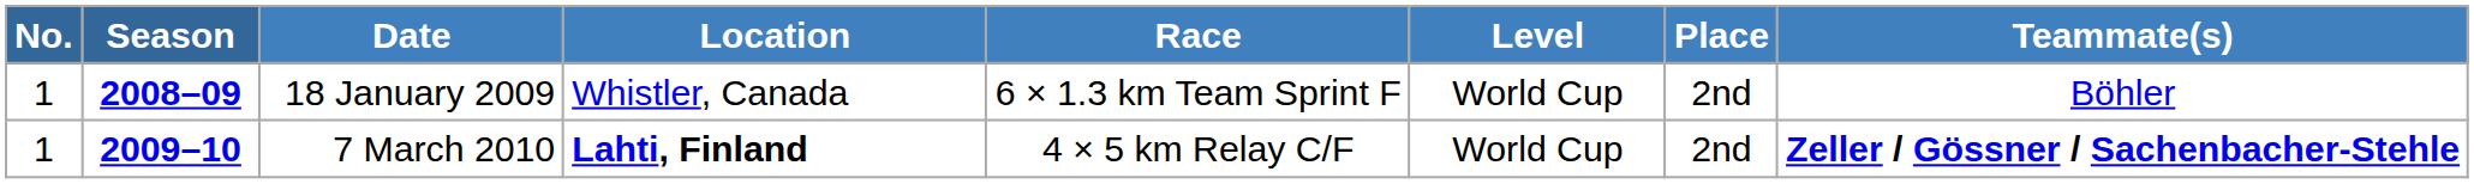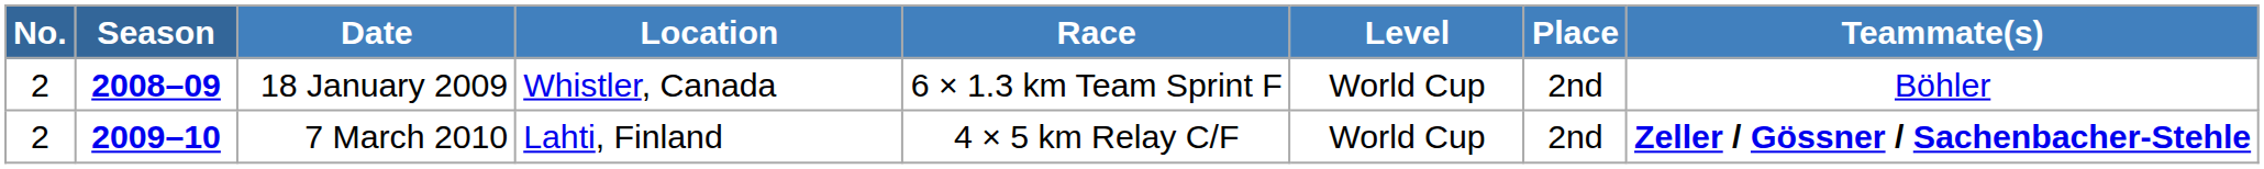 <table class="wikitable sortable" style="font-size:95%; text-align:center; border:grey solid 1px; border-collapse:collapse; background:#ffffff;">
 <tr style="background:#efefef;">
 <th style="background-color:#369; color:white;">No.</th>
 <th style="background-color:#369; color:white;">Season</th>
 <th style="background-color:#4180be; color:white; width:120px;">Date</th>
 <th style="background-color:#4180be; color:white; width:170px;">Location</th>
 <th style="background-color:#4180be; color:white; width:170px;">Race</th>
 <th style="background-color:#4180be; color:white; width:100px;">Level</th>
 <th style="background-color:#4180be; color:white;">Place</th>
 <th style="background-color:#4180be; color:white;">Teammate(s)</th>
 </tr>
 <tr>
-<td align=center>1</td>
+<td align=center>2</td>
 <td rowspan=1 align=center><strong> <a href='#'>2008–09</a> </strong></td>
 <td align=right>18 January 2009</td>
 <td align=left> <a href='#'>Whistler</a>, Canada</td>
 <td>6 × 1.3 km Team Sprint F</td>
 <td>World Cup</td>
 <td>2nd</td>
 <td><a href='#'>Böhler</a></td>
 </tr>
 <tr>
-<td align=center>1</td>
+<td align=center>2</td>
 <td rowspan=1 align=center><strong> <a href='#'>2009–10</a> </strong></td>
 <td align=right>7 March 2010</td>
-<td align=left><strong> <a href='#'>Lahti</a>, Finland</strong></td>
+<td align=left> <a href='#'>Lahti</a>, Finland</td>
 <td>4 × 5 km Relay C/F</td>
 <td>World Cup</td>
 <td>2nd</td>
 <td><strong><a href='#'>Zeller</a> / <a href='#'>Gössner</a> / <a href='#'>Sachenbacher-Stehle</a></strong></td>
 </tr>
 </table>
